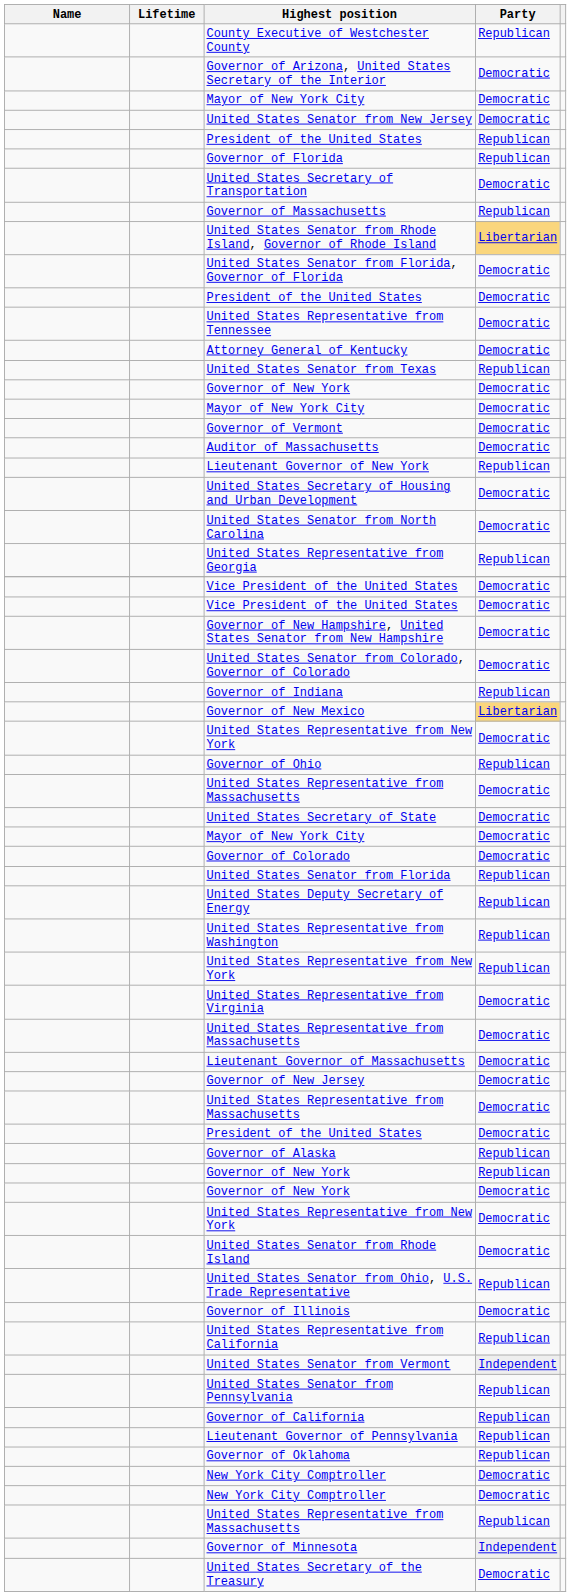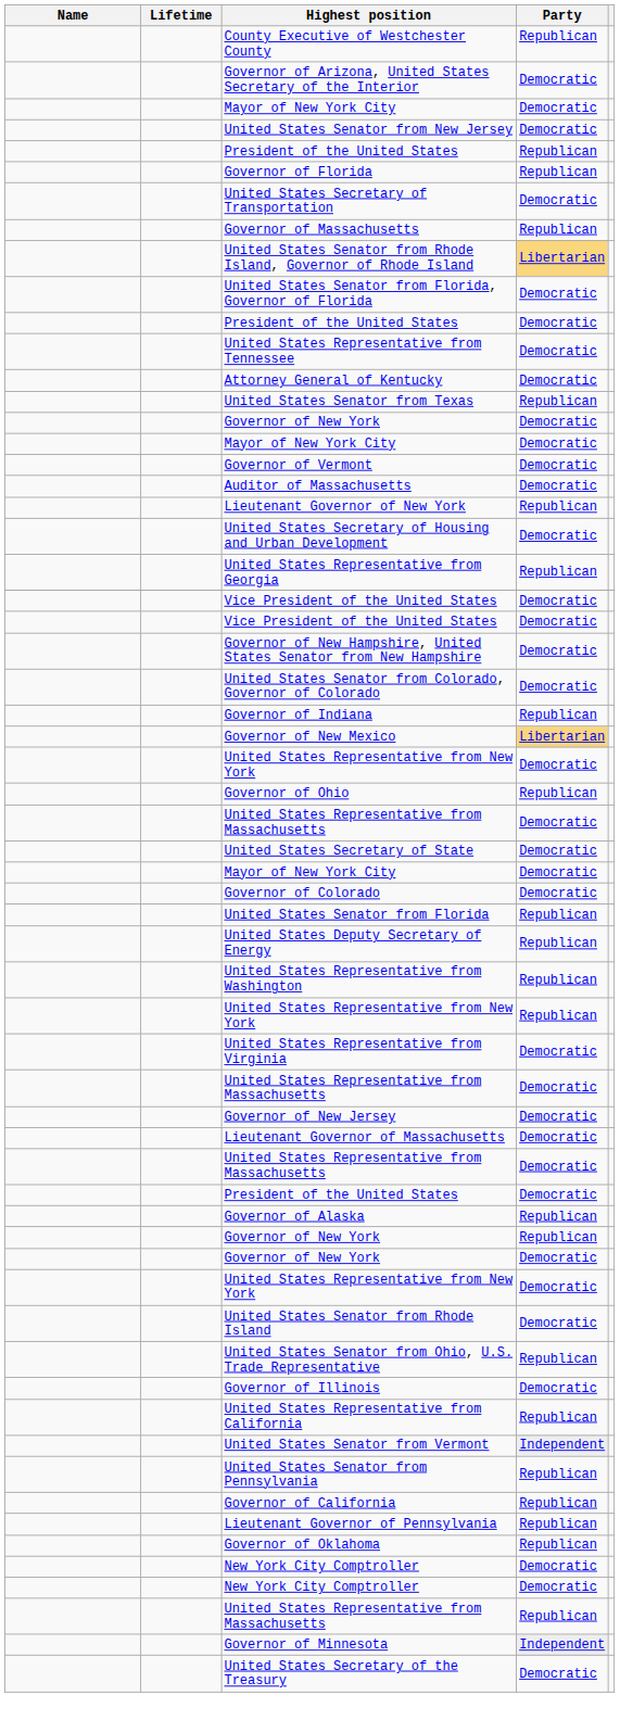 <table class="wikitable sortable">
 <tr>
 <th width="180">Name</th>
 <th width="80">Lifetime</th>
 <th width="380">Highest position</th>
 <th width="80">Party</th>
 <th class="unsortable"></th>
 </tr>
 <tr valign="top">
 <td></td>
 <td align="center"></td>
 <td><a href='#'>County Executive of Westchester County</a></td>
 <td><a href='#'>Republican</a></td>
 <td align="center"></td>
 </tr>
 <tr>
 <td></td>
 <td align="center"></td>
 <td><a href='#'>Governor of Arizona</a>, <a href='#'>United States Secretary of the Interior</a></td>
 <td><a href='#'>Democratic</a></td>
 <td align="center"></td>
 </tr>
 <tr>
 <td></td>
 <td align="center"></td>
 <td><a href='#'>Mayor of New York City</a></td>
 <td><a href='#'>Democratic</a></td>
 <td align="center"></td>
 </tr>
 <tr>
 <td></td>
 <td align="center"></td>
 <td><a href='#'>United States Senator from New Jersey</a></td>
 <td><a href='#'>Democratic</a></td>
 <td align="center"></td>
 </tr>
 <tr>
 <td></td>
 <td align="center"></td>
 <td><a href='#'>President of the United States</a></td>
 <td><a href='#'>Republican</a></td>
 <td align="center"></td>
 </tr>
 <tr>
 <td></td>
 <td align="center"></td>
 <td><a href='#'>Governor of Florida</a></td>
 <td><a href='#'>Republican</a></td>
 <td align="center"></td>
 </tr>
 <tr>
 <td></td>
 <td align="center"></td>
 <td><a href='#'>United States Secretary of Transportation</a></td>
 <td><a href='#'>Democratic</a></td>
 <td align="center"></td>
 </tr>
 <tr>
 <td></td>
 <td align="center"></td>
 <td><a href='#'>Governor of Massachusetts</a></td>
 <td><a href='#'>Republican</a></td>
 <td align="center"></td>
 </tr>
 <tr>
 <td></td>
 <td align="center"></td>
 <td><a href='#'>United States Senator from Rhode Island</a>, <a href='#'>Governor of Rhode Island</a></td>
 <td bgcolor="#FAD67D" align="center"><a href='#'>Libertarian</a></td>
 <td align="center"></td>
 </tr>
 <tr>
 <td></td>
 <td align="center"></td>
 <td><a href='#'>United States Senator from Florida</a>, <a href='#'>Governor of Florida</a></td>
 <td><a href='#'>Democratic</a></td>
 <td align="center"></td>
 </tr>
 <tr>
 <td></td>
 <td align="center"></td>
 <td><a href='#'>President of the United States</a></td>
 <td><a href='#'>Democratic</a></td>
 <td align="center"></td>
 </tr>
 <tr>
 <td></td>
 <td align="center"></td>
 <td><a href='#'>United States Representative from Tennessee</a></td>
 <td><a href='#'>Democratic</a></td>
 <td align="center"></td>
 </tr>
 <tr>
 <td></td>
 <td align="center"></td>
 <td><a href='#'>Attorney General of Kentucky</a></td>
 <td><a href='#'>Democratic</a></td>
 <td align="center"></td>
 </tr>
 <tr>
 <td></td>
 <td align="center"></td>
 <td><a href='#'>United States Senator from Texas</a></td>
 <td><a href='#'>Republican</a></td>
 <td align="center"></td>
 </tr>
 <tr>
 <td></td>
 <td align="center"></td>
 <td><a href='#'>Governor of New York</a></td>
 <td><a href='#'>Democratic</a></td>
 <td align="center"></td>
 </tr>
 <tr>
 <td></td>
 <td align="center"></td>
 <td><a href='#'>Mayor of New York City</a></td>
 <td><a href='#'>Democratic</a></td>
 <td align="center"></td>
 </tr>
 <tr>
 <td></td>
 <td align="center"></td>
 <td><a href='#'>Governor of Vermont</a></td>
 <td><a href='#'>Democratic</a></td>
 <td align="center"></td>
 </tr>
 <tr>
 <td></td>
 <td align="center"></td>
 <td><a href='#'>Auditor of Massachusetts</a></td>
 <td><a href='#'>Democratic</a></td>
 <td align="center"></td>
 </tr>
 <tr>
 <td></td>
 <td align="center"></td>
 <td><a href='#'>Lieutenant Governor of New York</a></td>
 <td><a href='#'>Republican</a></td>
 <td align="center"></td>
 </tr>
 <tr>
 <td></td>
 <td align="center"></td>
 <td><a href='#'>United States Secretary of Housing and Urban Development</a></td>
 <td><a href='#'>Democratic</a></td>
 <td align="center"></td>
 </tr>
 <tr>
 <td></td>
 <td align="center"></td>
-<td><a href='#'>United States Senator from North Carolina</a></td>
-<td><a href='#'>Democratic</a></td>
-<td align="center"></td>
-</tr>
-<tr>
-<td></td>
-<td align="center"></td>
 <td><a href='#'>United States Representative from Georgia</a></td>
 <td><a href='#'>Republican</a></td>
 <td align="center"></td>
 </tr>
 <tr>
 </tr>
 <tr>
 <td></td>
 <td align="center"></td>
 <td><a href='#'>Vice President of the United States</a></td>
 <td><a href='#'>Democratic</a></td>
 <td align="center"></td>
 </tr>
 <tr>
 <td></td>
 <td align="center"></td>
 <td><a href='#'>Vice President of the United States</a></td>
 <td><a href='#'>Democratic</a></td>
 <td align="center"></td>
 </tr>
 <tr>
 <td></td>
 <td align="center"></td>
 <td><a href='#'>Governor of New Hampshire</a>, <a href='#'>United States Senator from New Hampshire</a></td>
 <td><a href='#'>Democratic</a></td>
 <td align="center"></td>
 </tr>
 <tr>
 <td></td>
 <td align="center"></td>
 <td><a href='#'>United States Senator from Colorado</a>, <a href='#'>Governor of Colorado</a></td>
 <td><a href='#'>Democratic</a></td>
 <td align="center"></td>
 </tr>
 <tr>
 <td></td>
 <td align="center"></td>
 <td><a href='#'>Governor of Indiana</a></td>
 <td><a href='#'>Republican</a></td>
 <td align="center"></td>
 </tr>
 <tr>
 <td></td>
 <td align="center"></td>
 <td><a href='#'>Governor of New Mexico</a></td>
 <td bgcolor="#FAD67D" align="center"><a href='#'>Libertarian</a></td>
 <td align="center"></td>
 </tr>
 <tr>
 <td></td>
 <td align="center"></td>
 <td><a href='#'>United States Representative from New York</a></td>
 <td><a href='#'>Democratic</a></td>
 <td align="center"></td>
 </tr>
 <tr>
 <td></td>
 <td align="center"></td>
 <td><a href='#'>Governor of Ohio</a></td>
 <td><a href='#'>Republican</a></td>
 <td align="center"></td>
 </tr>
 <tr>
 <td></td>
 <td align="center"></td>
 <td><a href='#'>United States Representative from Massachusetts</a></td>
 <td><a href='#'>Democratic</a></td>
 <td align="center"></td>
 </tr>
 <tr>
 <td></td>
 <td align="center"></td>
 <td><a href='#'>United States Secretary of State</a></td>
 <td><a href='#'>Democratic</a></td>
 <td align="center"></td>
 </tr>
 <tr>
 <td></td>
 <td align="center"></td>
 <td><a href='#'>Mayor of New York City</a></td>
 <td><a href='#'>Democratic</a></td>
 <td align="center"></td>
 </tr>
 <tr>
 <td></td>
 <td align="center"></td>
 <td><a href='#'>Governor of Colorado</a></td>
 <td><a href='#'>Democratic</a></td>
 <td align="center"></td>
 </tr>
 <tr>
 <td></td>
 <td align="center"></td>
 <td><a href='#'>United States Senator from Florida</a></td>
 <td><a href='#'>Republican</a></td>
 <td align="center"></td>
 </tr>
 <tr>
 <td></td>
 <td align="center"></td>
 <td><a href='#'>United States Deputy Secretary of Energy</a></td>
 <td><a href='#'>Republican</a></td>
 <td align="center"></td>
 </tr>
 <tr>
 <td></td>
 <td align="center"></td>
 <td><a href='#'>United States Representative from Washington</a></td>
 <td><a href='#'>Republican</a></td>
 <td align="center"></td>
 </tr>
 <tr>
 <td></td>
 <td align="center"></td>
 <td><a href='#'>United States Representative from New York</a></td>
 <td><a href='#'>Republican</a></td>
 <td align="center"></td>
 </tr>
 <tr>
 <td></td>
 <td align="center"></td>
 <td><a href='#'>United States Representative from Virginia</a></td>
 <td><a href='#'>Democratic</a></td>
 <td align="center"></td>
 </tr>
 <tr>
 <td></td>
 <td align="center"></td>
 <td><a href='#'>United States Representative from Massachusetts</a></td>
 <td><a href='#'>Democratic</a></td>
 <td align="center"></td>
 </tr>
 <tr>
 <td></td>
 <td align="center"></td>
-<td><a href='#'>Lieutenant Governor of Massachusetts</a></td>
+<td><a href='#'>Governor of New Jersey</a></td>
 <td><a href='#'>Democratic</a></td>
 <td align="center"></td>
 </tr>
 <tr>
 <td></td>
 <td align="center"></td>
-<td><a href='#'>Governor of New Jersey</a></td>
+<td><a href='#'>Lieutenant Governor of Massachusetts</a></td>
 <td><a href='#'>Democratic</a></td>
 <td align="center"></td>
 </tr>
 <tr>
 <td></td>
 <td align="center"></td>
 <td><a href='#'>United States Representative from Massachusetts</a></td>
 <td><a href='#'>Democratic</a></td>
 <td align="center"></td>
 </tr>
 <tr>
 <td></td>
 <td align="center"></td>
 <td><a href='#'>President of the United States</a></td>
 <td><a href='#'>Democratic</a></td>
 <td align="center"></td>
 </tr>
 <tr>
 <td></td>
 <td align="center"></td>
 <td><a href='#'>Governor of Alaska</a></td>
 <td><a href='#'>Republican</a></td>
 <td align="center"></td>
 </tr>
 <tr>
 <td></td>
 <td align="center"></td>
 <td><a href='#'>Governor of New York</a></td>
 <td><a href='#'>Republican</a></td>
 <td align="center"></td>
 </tr>
 <tr>
 <td></td>
 <td align="center"></td>
 <td><a href='#'>Governor of New York</a></td>
 <td><a href='#'>Democratic</a></td>
 <td align="center"></td>
 </tr>
 <tr>
 <td></td>
 <td align="center"></td>
 <td><a href='#'>United States Representative from New York</a></td>
 <td><a href='#'>Democratic</a></td>
 <td align="center"></td>
 </tr>
 <tr>
 <td></td>
 <td align="center"></td>
 <td><a href='#'>United States Senator from Rhode Island</a></td>
 <td><a href='#'>Democratic</a></td>
 <td align="center"></td>
 </tr>
 <tr>
 <td></td>
 <td align="center"></td>
 <td><a href='#'>United States Senator from Ohio</a>, <a href='#'>U.S. Trade Representative</a></td>
 <td><a href='#'>Republican</a></td>
 <td align="center"></td>
 </tr>
 <tr>
 <td></td>
 <td align="center"></td>
 <td><a href='#'>Governor of Illinois</a></td>
 <td><a href='#'>Democratic</a></td>
 <td align="center"></td>
 </tr>
 <tr>
 <td></td>
 <td align="center"></td>
 <td><a href='#'>United States Representative from California</a></td>
 <td><a href='#'>Republican</a></td>
 <td align="center"></td>
 </tr>
 <tr>
 <td></td>
 <td align="center"></td>
 <td><a href='#'>United States Senator from Vermont</a></td>
 <td bgcolor="EEEEEE" align="center"><a href='#'>Independent</a></td>
 <td align="center"></td>
 </tr>
 <tr>
 <td></td>
 <td align="center"></td>
 <td><a href='#'>United States Senator from Pennsylvania</a></td>
 <td><a href='#'>Republican</a></td>
 <td align="center"></td>
 </tr>
 <tr>
 <td></td>
 <td align="center"></td>
 <td><a href='#'>Governor of California</a></td>
 <td><a href='#'>Republican</a></td>
 <td align="center"></td>
 </tr>
 <tr>
 <td></td>
 <td align="center"></td>
 <td><a href='#'>Lieutenant Governor of Pennsylvania</a></td>
 <td><a href='#'>Republican</a></td>
 <td align="center"></td>
 </tr>
 <tr>
 <td></td>
 <td align="center"></td>
 <td><a href='#'>Governor of Oklahoma</a></td>
 <td><a href='#'>Republican</a></td>
 <td align="center"></td>
 </tr>
 <tr>
 <td></td>
 <td align="center"></td>
 <td><a href='#'>New York City Comptroller</a></td>
 <td><a href='#'>Democratic</a></td>
 <td align="center"></td>
 </tr>
 <tr>
 <td></td>
 <td align="center"></td>
 <td><a href='#'>New York City Comptroller</a></td>
 <td><a href='#'>Democratic</a></td>
 <td align="center"></td>
 </tr>
 <tr>
 <td></td>
 <td align="center"></td>
 <td><a href='#'>United States Representative from Massachusetts</a></td>
 <td><a href='#'>Republican</a></td>
 <td align="center"></td>
 </tr>
 <tr>
 <td></td>
 <td align="center"></td>
 <td><a href='#'>Governor of Minnesota</a></td>
 <td bgcolor="EEEEEE" align="center"><a href='#'>Independent</a></td>
 <td align="center"></td>
 </tr>
 <tr>
 <td></td>
 <td align="center"></td>
 <td><a href='#'>United States Secretary of the Treasury</a></td>
 <td><a href='#'>Democratic</a></td>
 <td align="center"></td>
 </tr>
 </table>
